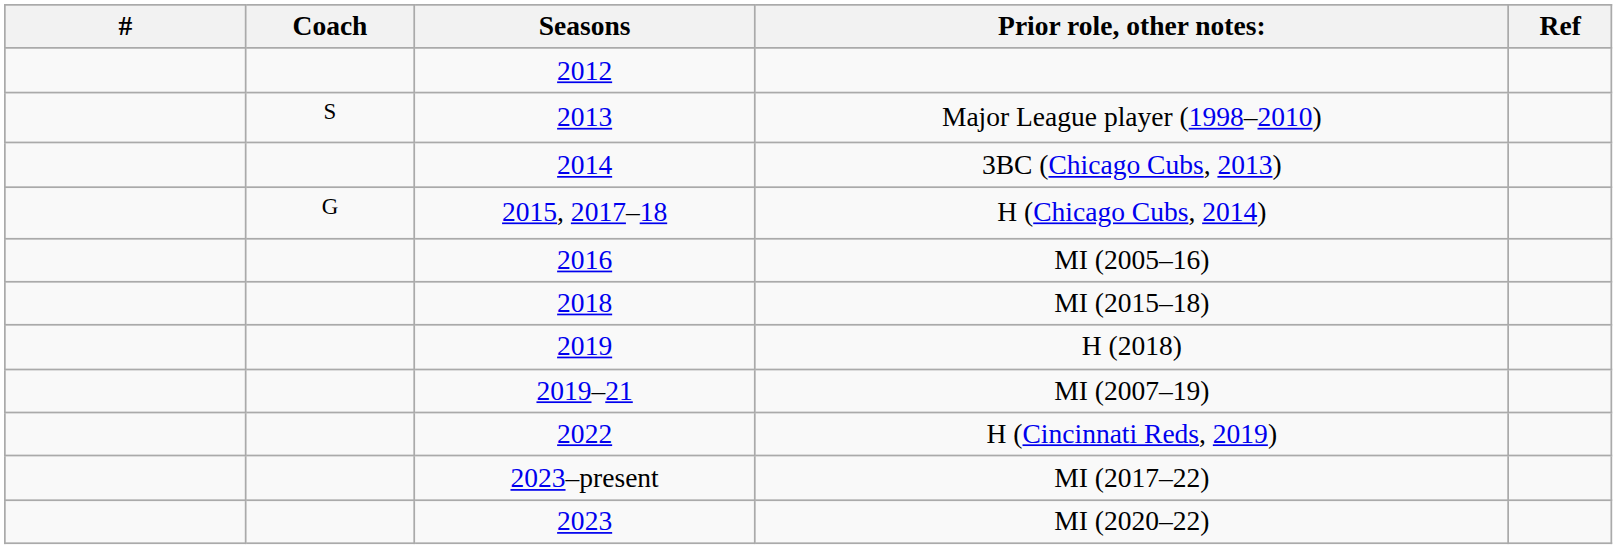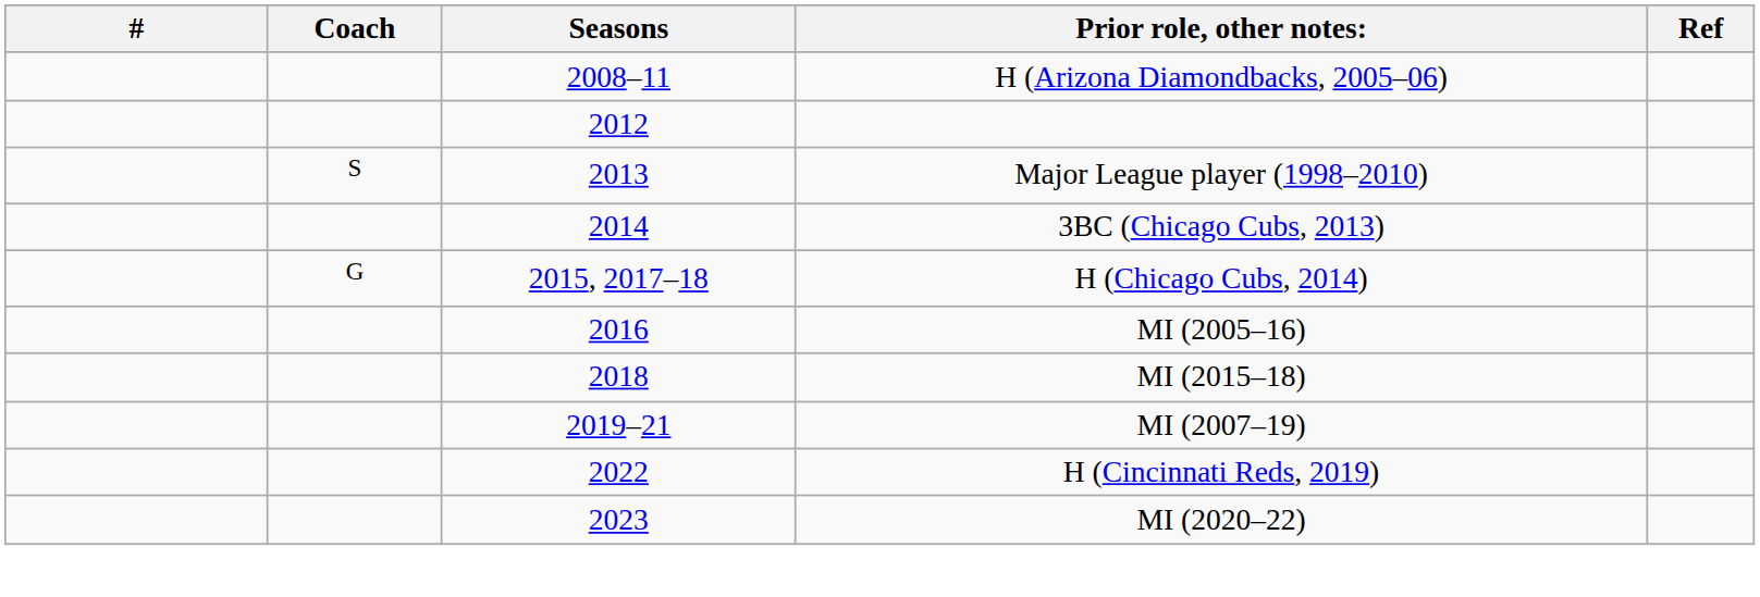 <table class="wikitable sortable" style="text-align:center; width:74%">
 <tr>
 <th width="15%">#</th>
 <th>Coach</th>
 <th>Seasons</th>
 <th class="unsortable">Prior role, other notes:</th>
 <th class="unsortable">Ref</th>
+</tr>
+<tr>
+<td></td>
+<td></td>
+<td><a href='#'>2008</a>–<a href='#'>11</a></td>
+<td>H (<a href='#'>Arizona Diamondbacks</a>, <a href='#'>2005</a>–<a href='#'>06</a>)</td>
+<td></td>
 </tr>
 <tr>
 <td></td>
 <td></td>
 <td><a href='#'>2012</a></td>
 <td></td>
 <td></td>
 </tr>
 <tr>
 <td></td>
 <td> <sup>S</sup></td>
 <td><a href='#'>2013</a></td>
 <td>Major League player (<a href='#'>1998</a>–<a href='#'>2010</a>)</td>
 <td></td>
 </tr>
 <tr>
 <td></td>
 <td></td>
 <td><a href='#'>2014</a></td>
 <td>3BC (<a href='#'>Chicago Cubs</a>, <a href='#'>2013</a>)</td>
 <td></td>
 </tr>
 <tr>
 <td></td>
 <td> <sup>G</sup></td>
 <td><a href='#'>2015</a>, <a href='#'>2017</a>–<a href='#'>18</a></td>
 <td>H (<a href='#'>Chicago Cubs</a>, <a href='#'>2014</a>)</td>
 <td></td>
 </tr>
 <tr>
 <td></td>
 <td></td>
 <td><a href='#'>2016</a></td>
 <td>MI (2005–16)</td>
 <td></td>
 </tr>
 <tr>
 <td></td>
 <td></td>
 <td><a href='#'>2018</a></td>
 <td>MI (2015–18)</td>
 <td></td>
 </tr>
 <tr>
 <td></td>
 <td></td>
-<td><a href='#'>2019</a></td>
-<td>H (2018)</td>
-<td></td>
-</tr>
-<tr>
-<td></td>
-<td></td>
 <td><a href='#'>2019</a>–<a href='#'>21</a></td>
 <td>MI (2007–19)</td>
 <td></td>
 </tr>
 <tr>
 <td></td>
 <td></td>
 <td><a href='#'>2022</a></td>
 <td>H (<a href='#'>Cincinnati Reds</a>, <a href='#'>2019</a>)</td>
 <td></td>
 </tr>
 <tr>
 <td></td>
 <td></td>
-<td><a href='#'>2023</a>–present</td>
-<td>MI (2017–22)</td>
-<td></td>
-</tr>
-<tr>
-<td></td>
-<td></td>
 <td><a href='#'>2023</a></td>
 <td>MI (2020–22)</td>
 <td></td>
 </tr>
 </table>
